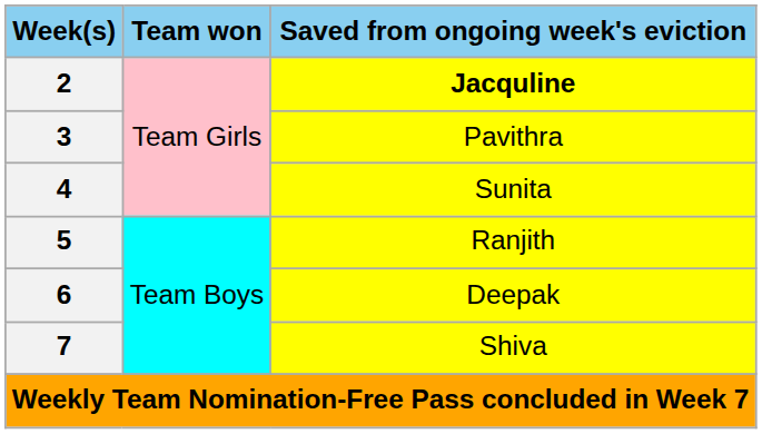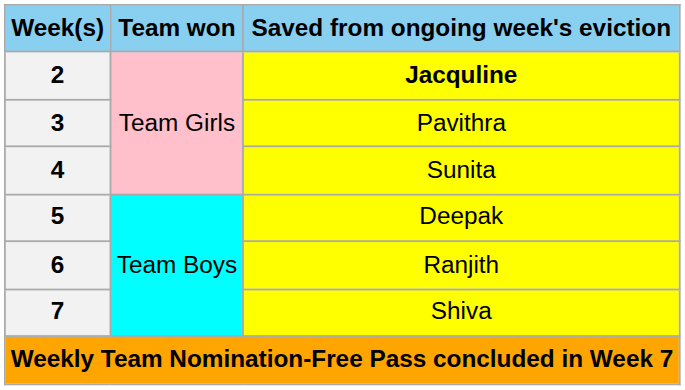 <table class="wikitable" style="text-align:center; font-size:85%; font-family: sans-serif; line-height:20px;">
 <tr>
 <th style="background:#89CFF0">Week(s)</th>
 <th style="background:#89CFF0">Team won</th>
 <th style="background:#89CFF0">Saved from ongoing week's eviction</th>
 </tr>
 <tr>
 <th>2</th>
 <td rowspan="3" style="background:pink;">Team Girls</td>
 <td style="background:yellow;"><strong>Jacquline</strong></td>
 </tr>
 <tr>
 <th>3</th>
 <td style="background:yellow;">Pavithra</td>
 </tr>
 <tr>
 <th>4</th>
 <td style="background:yellow ;">Sunita</td>
 </tr>
 <tr>
 <th>5</th>
 <td rowspan="3" style="background:cyan;">Team Boys</td>
-<td style="background:yellow;">Ranjith</td>
+<td style="background:yellow;">Deepak</td>
 </tr>
 <tr>
 <th>6</th>
-<td style="background:yellow;">Deepak</td>
+<td style="background:yellow;">Ranjith</td>
 </tr>
 <tr>
 <th>7</th>
 <td style="background:yellow;">Shiva</td>
 </tr>
 <tr>
 <th colspan="3" style="background:orange";><strong>Weekly Team Nomination-Free Pass concluded in Week 7</strong></th>
 </tr>
 </table>
